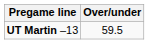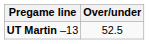 <table class="wikitable">
 <tr align="center">
 <th>Pregame line</th>
 <th>Over/under</th>
 </tr>
 <tr align="center">
 <td><strong>UT Martin</strong> –13</td>
-<td>59.5</td>
+<td>52.5</td>
 </tr>
 </table>
